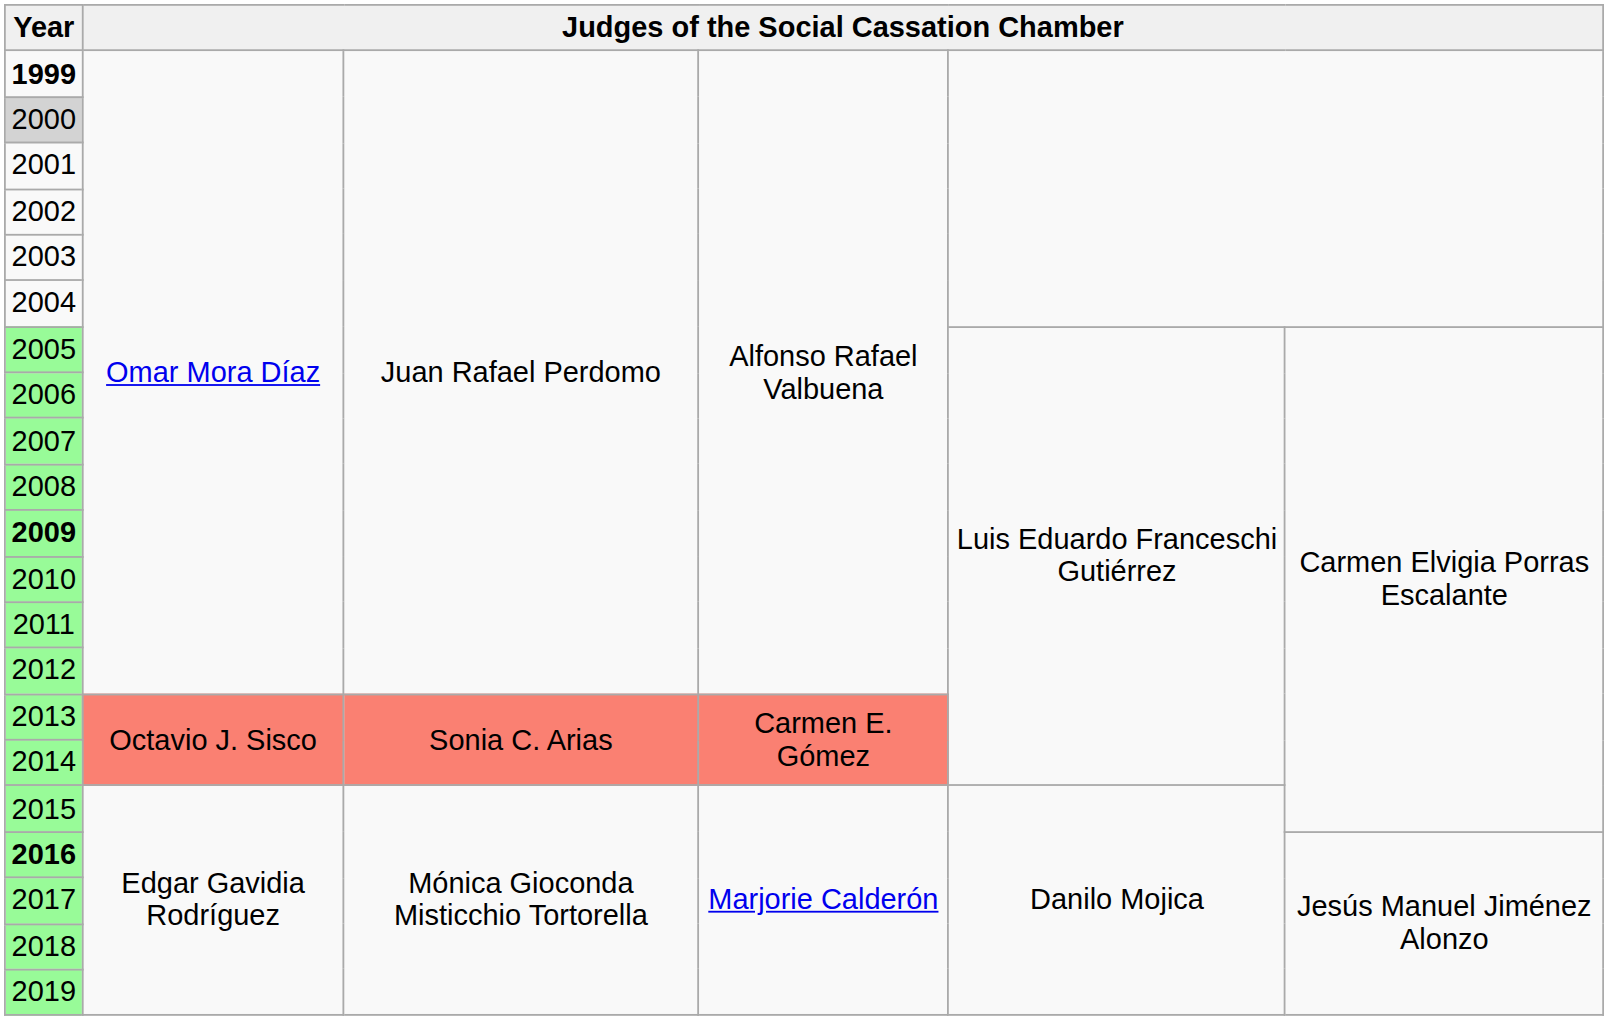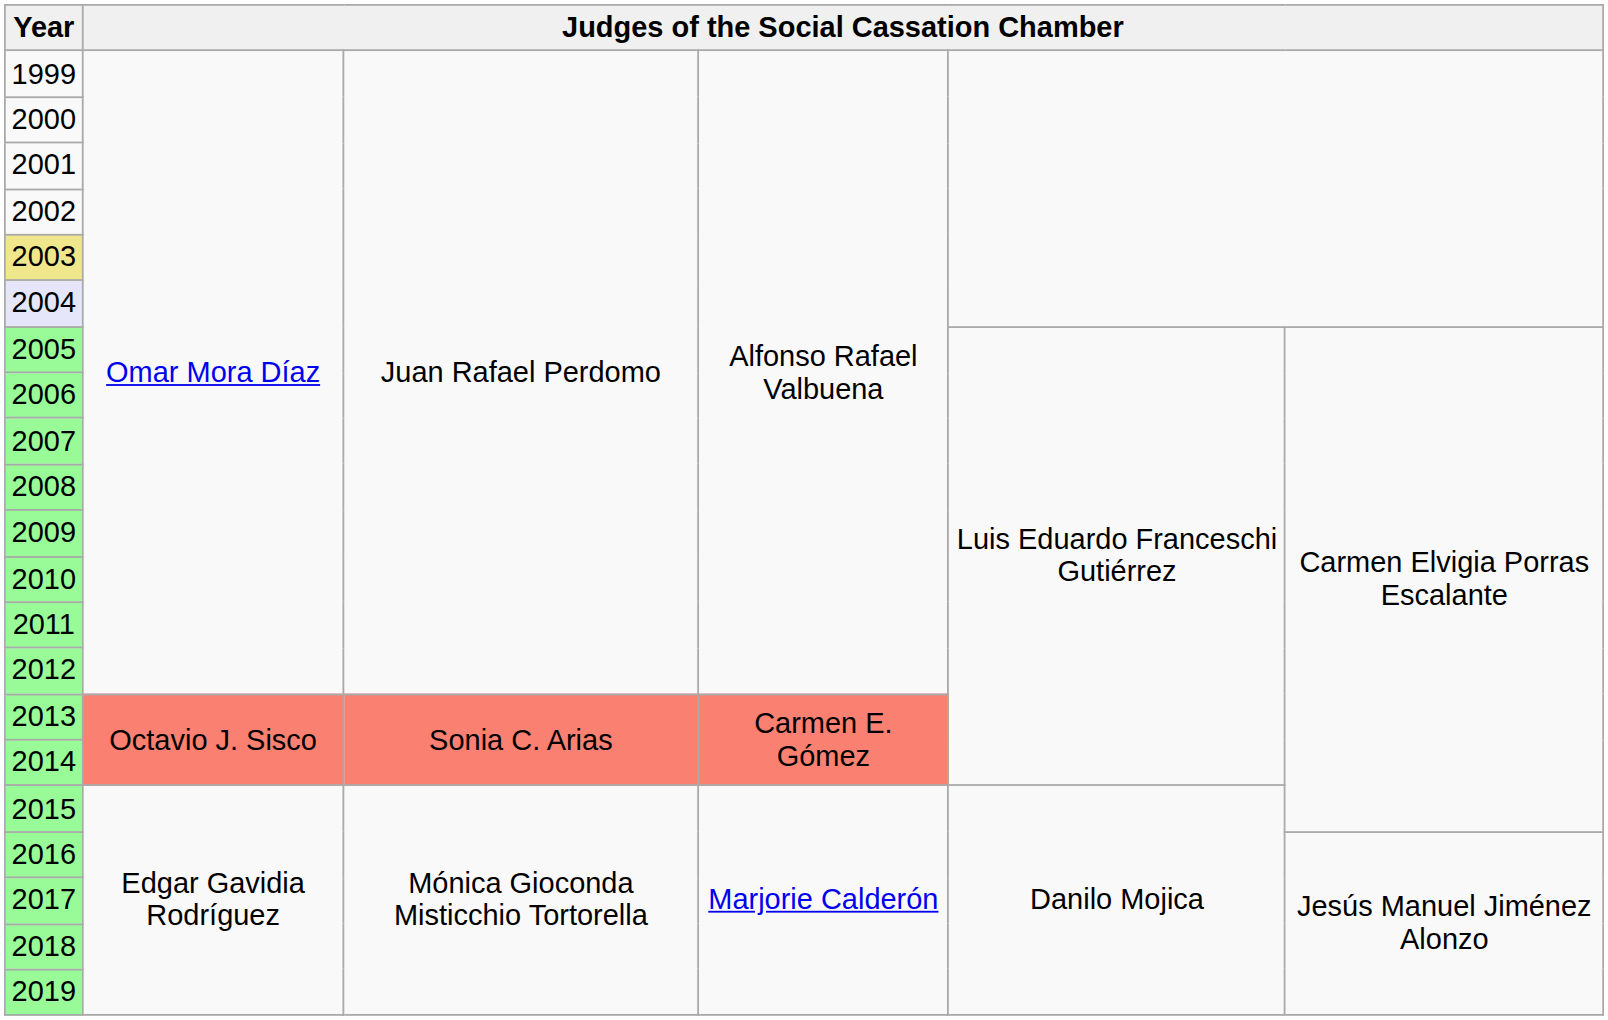 <table class="wikitable" style="margin:1em auto; text-align:center">
 <tr style="text-align:center; background:#f0f0f0;">
 <td><strong>Year</strong></td>
 <td colspan="5"><strong>Judges of the Social Cassation Chamber</strong></td>
 </tr>
 <tr>
-<td><strong>1999</strong></td>
+<td>1999</td>
 <td rowspan="14"><a href='#'>Omar Mora Díaz</a></td>
 <td rowspan="14">Juan Rafael Perdomo</td>
 <td rowspan="14">Alfonso Rafael Valbuena</td>
 <td colspan="2" rowspan="6"></td>
 </tr>
 <tr>
-<td style="background: lightgrey;">2000</td>
+<td>2000</td>
 </tr>
 <tr>
 <td>2001</td>
 </tr>
 <tr>
 <td>2002</td>
 </tr>
 <tr>
-<td>2003</td>
+<td style="background: khaki;">2003</td>
 </tr>
 <tr>
-<td>2004</td>
+<td style="background: lavender;">2004</td>
 </tr>
 <tr>
 <td style="background:#98fb98; text-align:center;">2005</td>
 <td rowspan="10">Luis Eduardo Franceschi Gutiérrez</td>
 <td rowspan="11">Carmen Elvigia Porras Escalante</td>
 </tr>
 <tr>
 <td style="background:#98fb98; text-align:center;">2006</td>
 </tr>
 <tr>
 <td style="background:#98fb98; text-align:center;">2007</td>
 </tr>
 <tr>
 <td style="background:#98fb98; text-align:center;">2008</td>
 </tr>
 <tr>
-<td style="background:#98fb98; text-align:center;"><strong>2009</strong></td>
+<td style="background:#98fb98; text-align:center;">2009</td>
 </tr>
 <tr>
 <td style="background:#98fb98; text-align:center;">2010</td>
 </tr>
 <tr>
 <td style="background:#98fb98; text-align:center;">2011</td>
 </tr>
 <tr>
 <td style="background:#98fb98; text-align:center;">2012</td>
 </tr>
 <tr>
 <td style="background:#98fb98; text-align:center;">2013</td>
 <td style="background:salmon;" rowspan="2">Octavio J. Sisco</td>
 <td style="background:salmon;" rowspan="2">Sonia C. Arias</td>
 <td style="background:salmon;" rowspan="2">Carmen E. Gómez</td>
 </tr>
 <tr>
 <td style="background:#98fb98; text-align:center;">2014</td>
 </tr>
 <tr>
 <td style="background:#98fb98; text-align:center;">2015</td>
 <td rowspan="5">Edgar Gavidia Rodríguez</td>
 <td rowspan="5">Mónica Gioconda Misticchio Tortorella</td>
 <td rowspan="5"><a href='#'>Marjorie Calderón</a></td>
 <td rowspan="5">Danilo Mojica</td>
 </tr>
 <tr>
-<td style="background:#98fb98; text-align:center;"><strong>2016</strong></td>
+<td style="background:#98fb98; text-align:center;">2016</td>
 <td rowspan="4">Jesús Manuel Jiménez Alonzo</td>
 </tr>
 <tr>
 <td style="background:#98fb98; text-align:center;">2017</td>
 </tr>
 <tr>
 <td style="background:#98fb98; text-align:center;">2018</td>
 </tr>
 <tr>
 <td style="background:#98fb98; text-align:center;">2019</td>
 </tr>
 </table>
